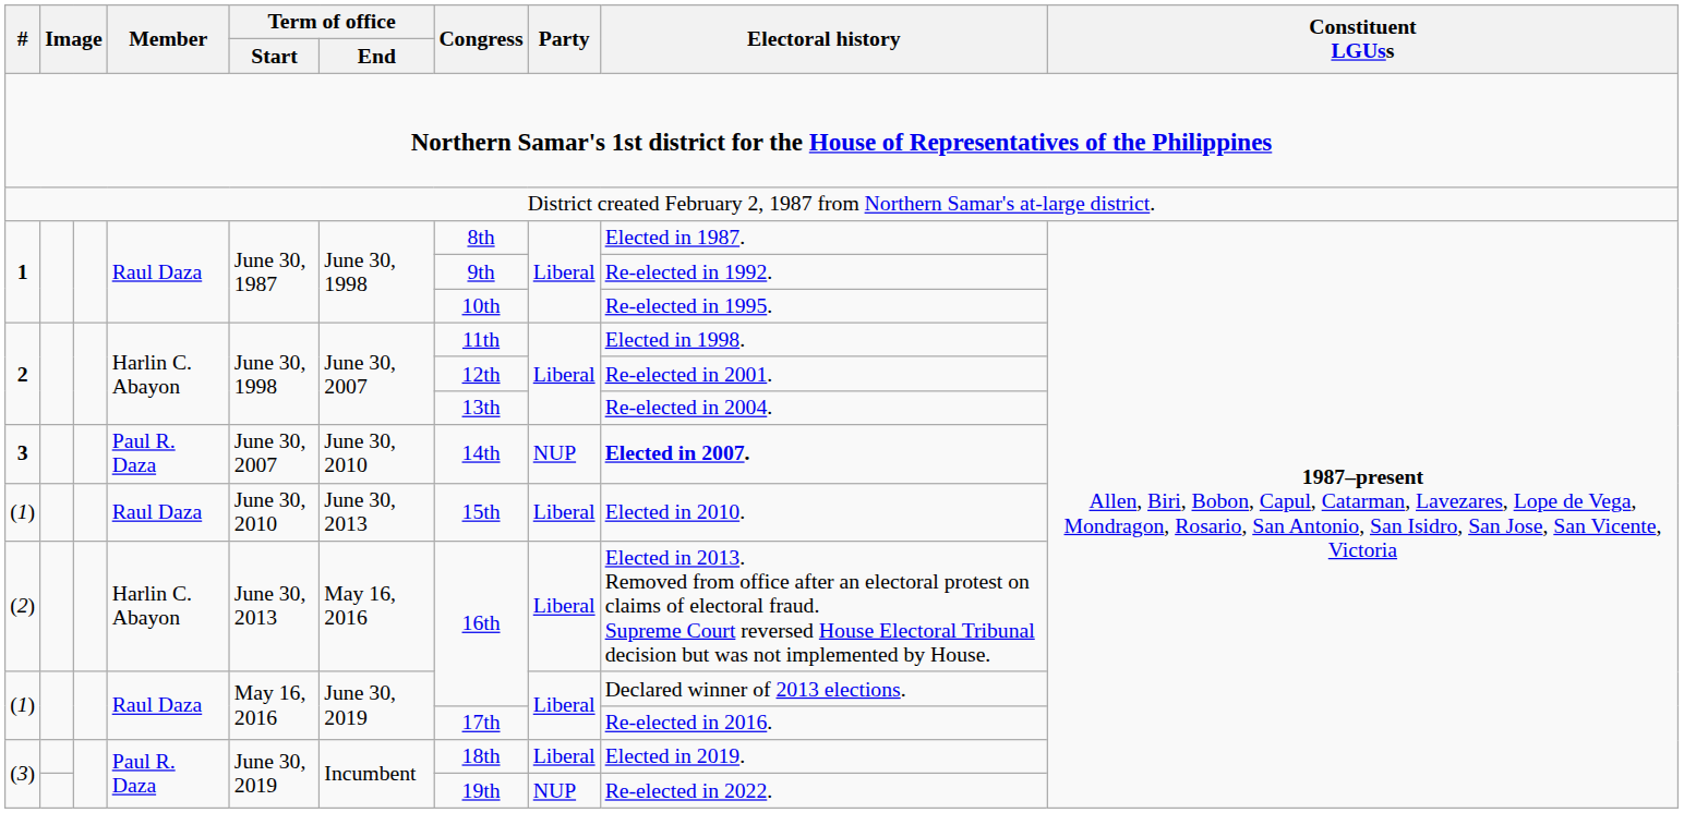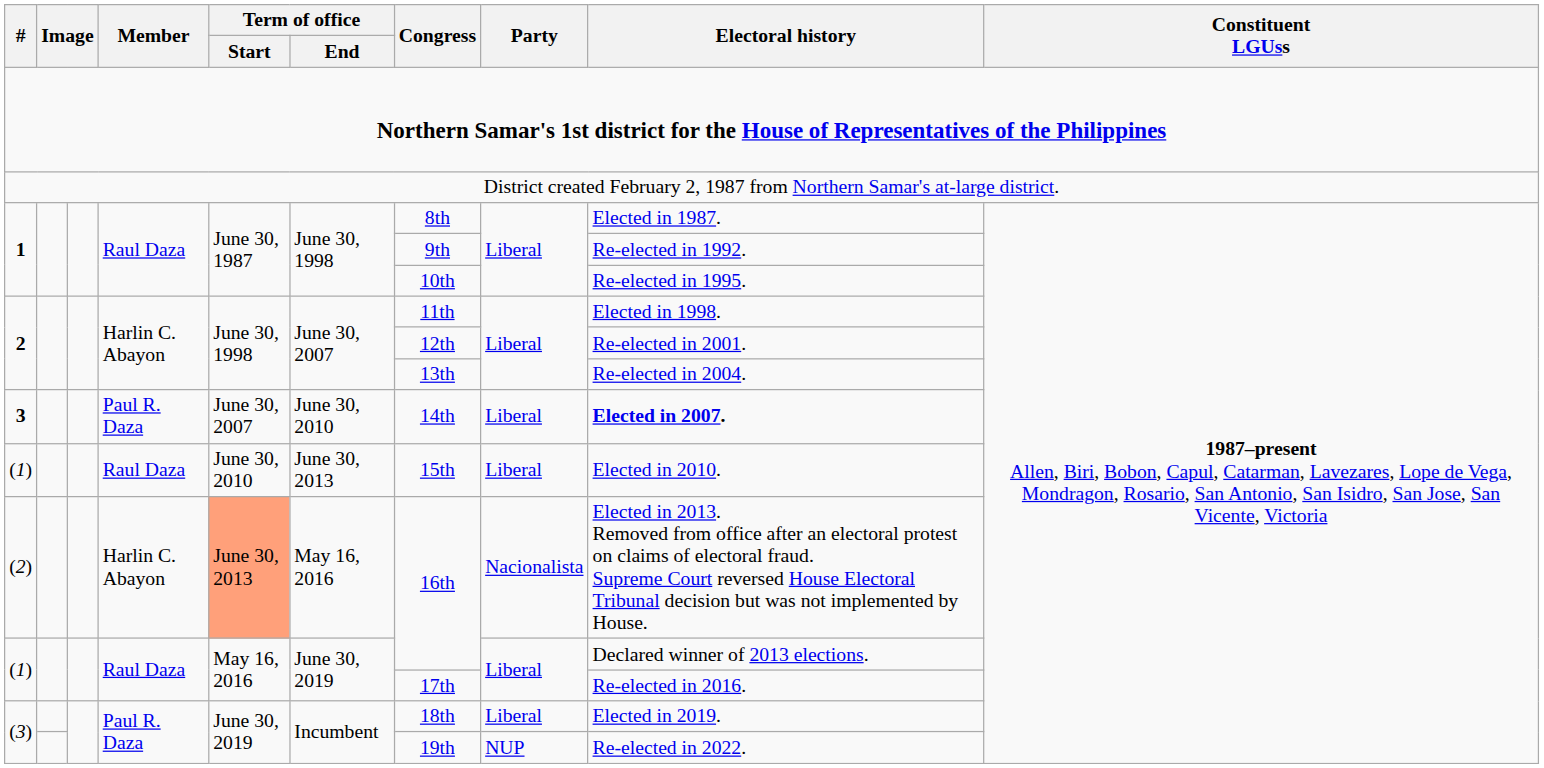 <table class=wikitable>
 <tr>
 <th rowspan="2">#</th>
 <th rowspan="2" colspan=2>Image</th>
 <th rowspan="2">Member</th>
 <th colspan=2>Term of office</th>
 <th rowspan="2">Congress</th>
 <th rowspan="2">Party</th>
 <th rowspan="2">Electoral history</th>
 <th rowspan="2">Constituent<br><a href='#'>LGUs</a>s</th>
 </tr>
 <tr>
 <th>Start</th>
 <th>End</th>
 </tr>
 <tr>
 <td colspan="10" style="text-align:center;"><br><h3>Northern Samar's 1st district for the <a href='#'>House of Representatives of the Philippines</a></h3></td>
 </tr>
 <tr>
 <td colspan="10" style="text-align:center;">District created February 2, 1987 from <a href='#'>Northern Samar's at-large district</a>.</td>
 </tr>
 <tr>
 <td rowspan="3" style="text-align:center;"><strong>1</strong></td>
 <td rowspan="3" style="color:inherit;background:"></td>
 <td rowspan="3"></td>
 <td rowspan="3"><a href='#'>Raul Daza</a></td>
 <td rowspan="3">June 30, 1987</td>
 <td rowspan="3">June 30, 1998</td>
 <td style="text-align:center;"><a href='#'>8th</a></td>
 <td rowspan="3"><a href='#'>Liberal</a></td>
 <td><a href='#'>Elected in 1987</a>.</td>
 <td rowspan=99 style="text-align:center;"><strong>1987–present</strong><br><a href='#'>Allen</a>, <a href='#'>Biri</a>, <a href='#'>Bobon</a>, <a href='#'>Capul</a>, <a href='#'>Catarman</a>, <a href='#'>Lavezares</a>, <a href='#'>Lope de Vega</a>, <a href='#'>Mondragon</a>, <a href='#'>Rosario</a>, <a href='#'>San Antonio</a>, <a href='#'>San Isidro</a>, <a href='#'>San Jose</a>, <a href='#'>San Vicente</a>, <a href='#'>Victoria</a></td>
 </tr>
 <tr>
 <td style="text-align:center;"><a href='#'>9th</a></td>
 <td><a href='#'>Re-elected in 1992</a>.</td>
 </tr>
 <tr>
 <td style="text-align:center;"><a href='#'>10th</a></td>
 <td><a href='#'>Re-elected in 1995</a>.</td>
 </tr>
 <tr>
 <td rowspan="3" style="text-align:center;"><strong>2</strong></td>
 <td rowspan="3" style="color:inherit;background:"></td>
 <td rowspan="3"></td>
 <td rowspan="3">Harlin C. Abayon</td>
 <td rowspan="3">June 30, 1998</td>
 <td rowspan="3">June 30, 2007</td>
 <td style="text-align:center;"><a href='#'>11th</a></td>
 <td rowspan="3"><a href='#'>Liberal</a></td>
 <td><a href='#'>Elected in 1998</a>.</td>
 </tr>
 <tr>
 <td style="text-align:center;"><a href='#'>12th</a></td>
 <td><a href='#'>Re-elected in 2001</a>.</td>
 </tr>
 <tr>
 <td style="text-align:center;"><a href='#'>13th</a></td>
 <td><a href='#'>Re-elected in 2004</a>.</td>
 </tr>
 <tr>
 <td style="text-align:center;"><strong>3</strong></td>
 <td style="color:inherit;background:"></td>
 <td></td>
 <td><a href='#'>Paul R. Daza</a></td>
 <td>June 30, 2007</td>
 <td>June 30, 2010</td>
 <td style="text-align:center;"><a href='#'>14th</a></td>
-<td><a href='#'>NUP</a></td>
+<td><a href='#'>Liberal</a></td>
 <td><strong><a href='#'>Elected in 2007</a>.</strong></td>
 </tr>
 <tr>
 <td style="text-align:center;">(<em>1</em>)</td>
 <td style="color:inherit;background:"></td>
 <td></td>
 <td><a href='#'>Raul Daza</a></td>
 <td>June 30, 2010</td>
 <td>June 30, 2013</td>
 <td style="text-align:center;"><a href='#'>15th</a></td>
 <td><a href='#'>Liberal</a></td>
 <td><a href='#'>Elected in 2010</a>.</td>
 </tr>
 <tr>
 <td style="text-align:center;">(<em>2</em>)</td>
 <td style="color:inherit;background:"></td>
 <td></td>
 <td>Harlin C. Abayon</td>
-<td>June 30, 2013</td>
+<td style="background: lightsalmon;">June 30, 2013</td>
 <td>May 16, 2016</td>
 <td rowspan="2" style="text-align:center;"><a href='#'>16th</a></td>
-<td><a href='#'>Liberal</a></td>
+<td><a href='#'>Nacionalista</a></td>
 <td><a href='#'>Elected in 2013</a>.<br>Removed from office after an electoral protest on claims of electoral fraud.<br><a href='#'>Supreme Court</a> reversed <a href='#'>House Electoral Tribunal</a> decision but was not implemented by House.</td>
 </tr>
 <tr>
 <td rowspan="2" style="text-align:center;">(<em>1</em>)</td>
 <td rowspan="2" style="color:inherit;background:"></td>
 <td rowspan="2"></td>
 <td rowspan="2"><a href='#'>Raul Daza</a></td>
 <td rowspan="2">May 16, 2016</td>
 <td rowspan="2">June 30, 2019</td>
 <td rowspan="2"><a href='#'>Liberal</a></td>
 <td>Declared winner of <a href='#'>2013 elections</a>.</td>
 </tr>
 <tr>
 <td style="text-align:center;"><a href='#'>17th</a></td>
 <td><a href='#'>Re-elected in 2016</a>.</td>
 </tr>
 <tr>
 <td rowspan="2" style="text-align:center;">(<em>3</em>)</td>
 <td style="color:inherit;background:"></td>
 <td rowspan="2"></td>
 <td rowspan="2"><a href='#'>Paul R. Daza</a></td>
 <td rowspan="2">June 30, 2019</td>
 <td rowspan="2">Incumbent</td>
 <td style="text-align:center;"><a href='#'>18th</a></td>
 <td><a href='#'>Liberal</a></td>
 <td><a href='#'>Elected in 2019</a>.</td>
 </tr>
 <tr>
 <td style="color:inherit;background:"></td>
 <td style="text-align:center;"><a href='#'>19th</a></td>
 <td><a href='#'>NUP</a></td>
 <td><a href='#'>Re-elected in 2022</a>.</td>
 </tr>
 </table>
